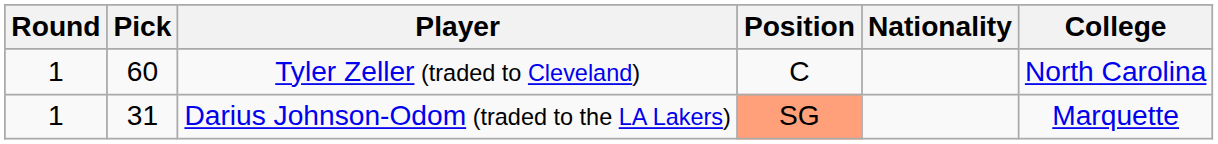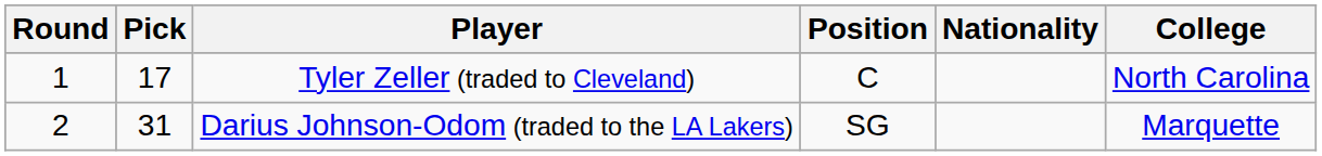 <table class="wikitable sortable sortable">
 <tr>
 <th>Round</th>
 <th>Pick</th>
 <th>Player</th>
 <th>Position</th>
 <th>Nationality</th>
 <th>College</th>
 </tr>
 <tr style="text-align: center">
 <td>1</td>
-<td>60</td>
+<td>17</td>
 <td><a href='#'>Tyler Zeller</a><small> (traded to <a href='#'>Cleveland</a>)</small></td>
 <td>C</td>
 <td></td>
 <td><a href='#'>North Carolina</a></td>
 </tr>
 <tr style="text-align: center">
-<td>1</td>
+<td>2</td>
 <td>31</td>
 <td><a href='#'>Darius Johnson-Odom</a><small> (traded to the <a href='#'>LA Lakers</a>)</small></td>
-<td style="background: lightsalmon;">SG</td>
+<td>SG</td>
 <td></td>
 <td><a href='#'>Marquette</a></td>
 </tr>
 </table>
